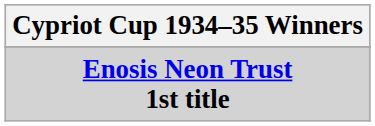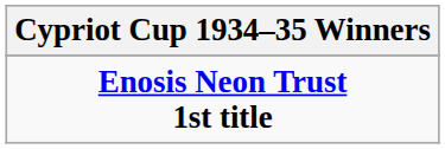 <table class="wikitable" style="text-align:center;margin: 0 auto;">
 <tr>
 <th>Cypriot Cup 1934–35 Winners</th>
 </tr>
 <tr>
 </tr>
 <tr>
-<td style="background: lightgrey;"><strong><a href='#'>Enosis Neon Trust</a></strong><br><strong>1st title</strong></td>
+<td><strong><a href='#'>Enosis Neon Trust</a></strong><br><strong>1st title</strong></td>
 </tr>
 </table>
